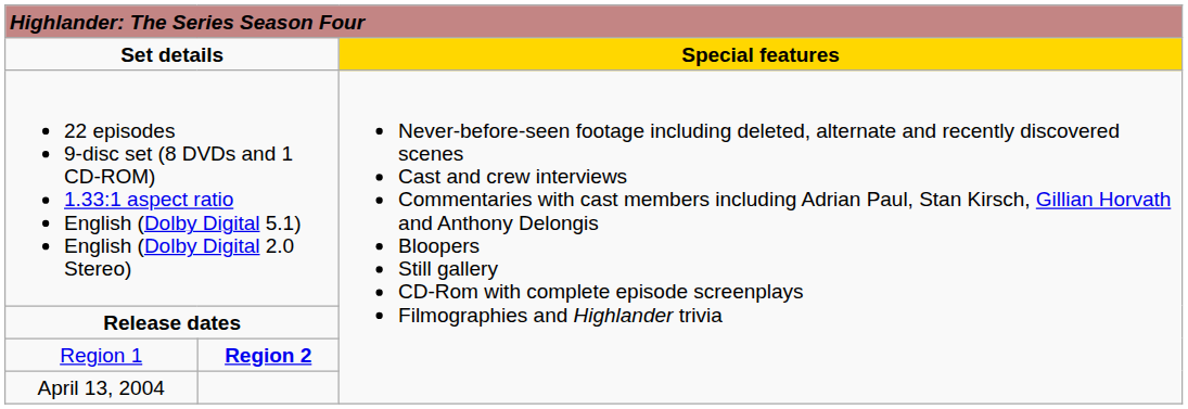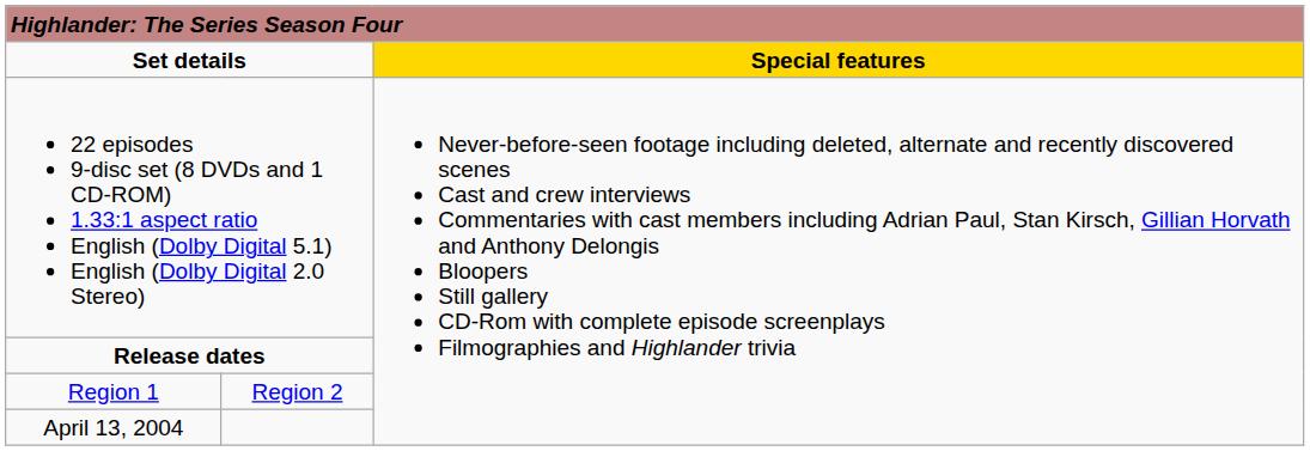 <table class="wikitable" style="font-size:95%;">
 <tr>
 <td colspan="3" style="background:#C38584; color:black;"><strong><em>Highlander: The Series Season Four</em></strong></td>
 </tr>
 <tr valign="top">
 <td align="center" colspan="2"><strong>Set details</strong></td>
 <td align="center" style="background: gold;"><strong>Special features</strong></td>
 </tr>
 <tr valign="top">
 <td colspan="2" align="left"><br><ul><li>22 episodes</li><li>9-disc set (8 DVDs and 1 CD-ROM)</li><li><a href='#'>1.33:1 aspect ratio</a></li><li>English (<a href='#'>Dolby Digital</a> 5.1)</li><li>English (<a href='#'>Dolby Digital</a> 2.0 Stereo)</li></ul></td>
 <td rowspan="4" align="left"><br><ul><li>Never-before-seen footage including deleted, alternate and recently discovered scenes</li><li>Cast and crew interviews</li><li>Commentaries with cast members including Adrian Paul, Stan Kirsch, <a href='#'>Gillian Horvath</a> and Anthony Delongis</li><li>Bloopers</li><li>Still gallery</li><li>CD-Rom with complete episode screenplays</li><li>Filmographies and <em>Highlander</em> trivia</li></ul></td>
 </tr>
 <tr>
 <td colspan="2" align="center"><strong>Release dates</strong></td>
 </tr>
 <tr>
 <td colspan="1" align="center"><a href='#'>Region 1</a></td>
-<td colspan="1" align="center"><strong><a href='#'>Region 2</a></strong></td>
+<td colspan="1" align="center"><a href='#'>Region 2</a></td>
 </tr>
 <tr>
 <td colspan="1" align="center">April 13, 2004</td>
 <td colspan="1" align="center"></td>
 </tr>
 </table>
